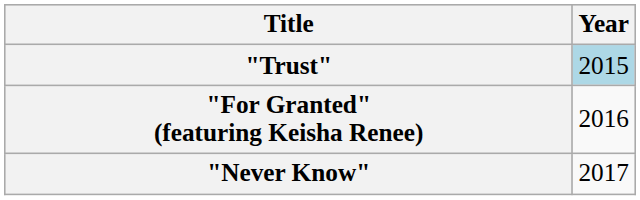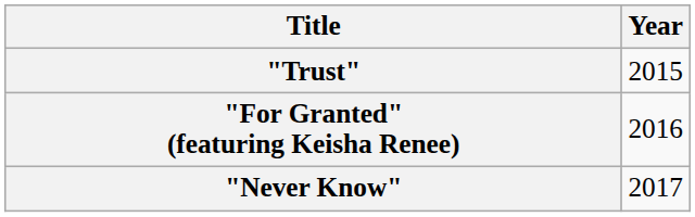 <table class="wikitable plainrowheaders" style="text-align:center;">
 <tr>
 <th scope="col" style="width:22em;">Title</th>
 <th scope="col" style="width:1em;">Year</th>
 </tr>
 <tr>
 <th scope="row">"Trust"</th>
-<td style="background: lightblue;">2015</td>
+<td>2015</td>
 </tr>
 <tr>
 <th scope="row">"For Granted"<br><span>(featuring Keisha Renee)</span></th>
 <td>2016</td>
 </tr>
 <tr>
 <th scope="row">"Never Know"</th>
 <td>2017</td>
 </tr>
 </table>
